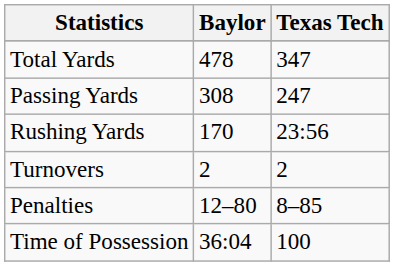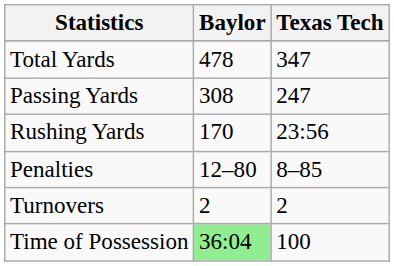 <table class="wikitable">
 <tr>
 <th>Statistics</th>
 <th>Baylor</th>
 <th>Texas Tech</th>
 </tr>
 <tr>
 </tr>
 <tr>
 <td>Total Yards</td>
 <td>478</td>
 <td>347</td>
 </tr>
 <tr>
 <td>Passing Yards</td>
 <td>308</td>
 <td>247</td>
 </tr>
 <tr>
 <td>Rushing Yards</td>
 <td>170</td>
 <td>23:56</td>
 </tr>
 <tr>
+<td>Penalties</td>
+<td>12–80</td>
+<td>8–85</td>
+</tr>
+<tr>
 <td>Turnovers</td>
 <td>2</td>
 <td>2</td>
 </tr>
 <tr>
-<td>Penalties</td>
-<td>12–80</td>
-<td>8–85</td>
-</tr>
-<tr>
 <td>Time of Possession</td>
-<td>36:04</td>
+<td style="background: lightgreen;">36:04</td>
 <td>100</td>
 </tr>
 </table>
